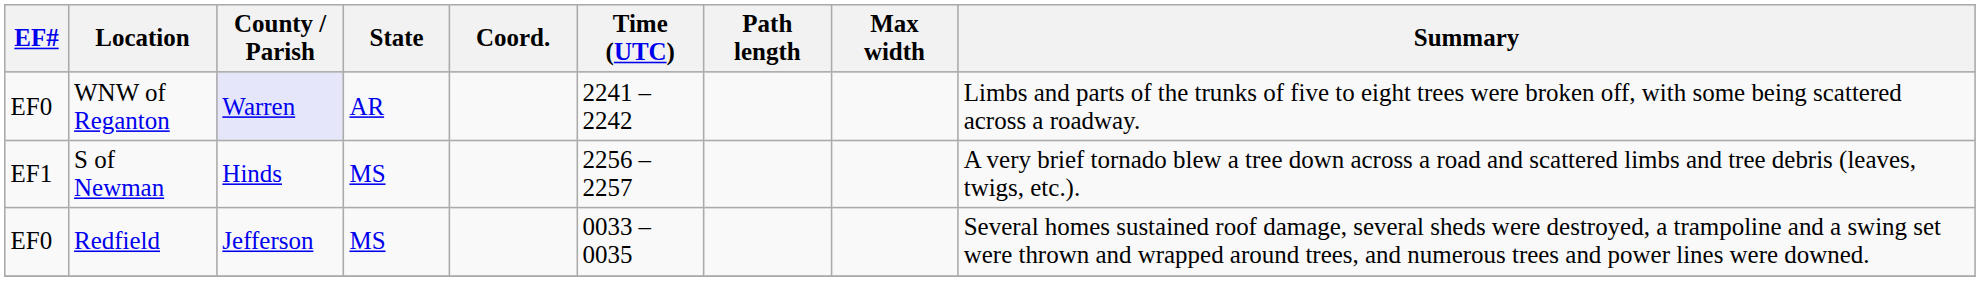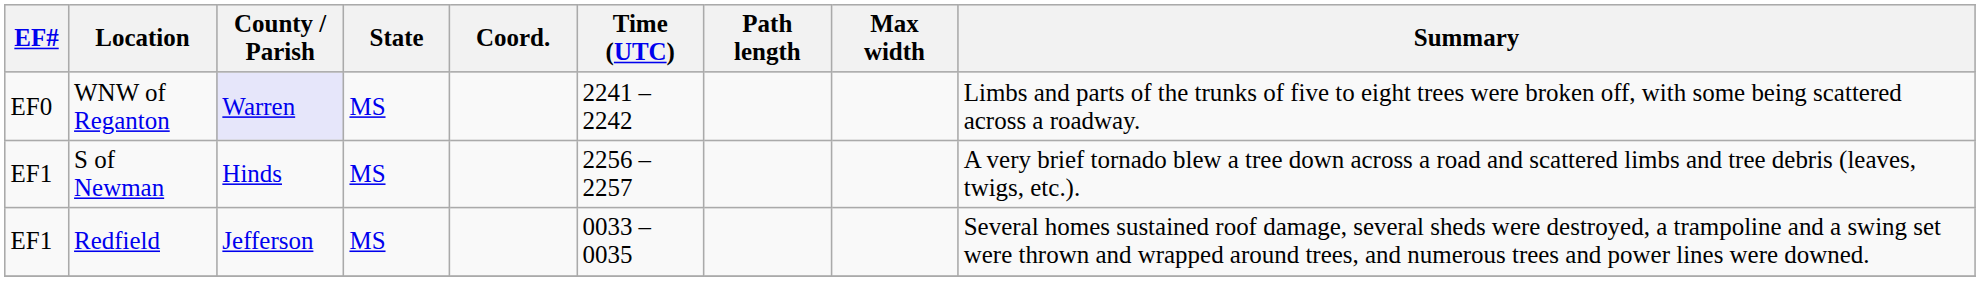 <table class="wikitable sortable" style="width:100%;">
 <tr>
 <th scope="col" width="3%" align="center"><a href='#'>EF#</a></th>
 <th scope="col" width="7%" align="center" class="unsortable">Location</th>
 <th scope="col" width="6%" align="center" class="unsortable">County / Parish</th>
 <th scope="col" width="5%" align="center">State</th>
 <th scope="col" width="6%" align="center">Coord.</th>
 <th scope="col" width="6%" align="center">Time (<a href='#'>UTC</a>)</th>
 <th scope="col" width="6%" align="center">Path length</th>
 <th scope="col" width="6%" align="center">Max width</th>
 <th scope="col" width="48%" class="unsortable" align="center">Summary</th>
 </tr>
 <tr>
 <td>EF0</td>
 <td>WNW of <a href='#'>Reganton</a></td>
 <td style="background: lavender;"><a href='#'>Warren</a></td>
-<td><a href='#'>AR</a></td>
+<td><a href='#'>MS</a></td>
 <td></td>
 <td>2241 – 2242</td>
 <td></td>
 <td></td>
 <td>Limbs and parts of the trunks of five to eight trees were broken off, with some being scattered across a roadway.</td>
 </tr>
 <tr>
 <td>EF1</td>
 <td>S of <a href='#'>Newman</a></td>
 <td><a href='#'>Hinds</a></td>
 <td><a href='#'>MS</a></td>
 <td></td>
 <td>2256 – 2257</td>
 <td></td>
 <td></td>
 <td>A very brief tornado blew a tree down across a road and scattered limbs and tree debris (leaves, twigs, etc.).</td>
 </tr>
 <tr>
-<td>EF0</td>
+<td>EF1</td>
 <td><a href='#'>Redfield</a></td>
 <td><a href='#'>Jefferson</a></td>
 <td><a href='#'>MS</a></td>
 <td></td>
 <td>0033 – 0035</td>
 <td></td>
 <td></td>
 <td>Several homes sustained roof damage, several sheds were destroyed, a trampoline and a swing set were thrown and wrapped around trees, and numerous trees and power lines were downed.</td>
 </tr>
 <tr>
 </tr>
 </table>
